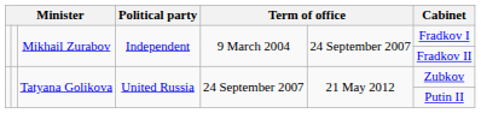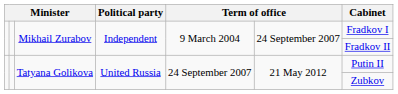 <table class="wikitable" style="text-align:center;">
 <tr>
 <th colspan=3>Minister</th>
 <th>Political party</th>
 <th colspan=2>Term of office</th>
 <th colspan=2>Cabinet</th>
 </tr>
 <tr>
 <td rowspan=2 style="background: "></td>
 <td rowspan=2></td>
 <td rowspan=2><a href='#'>Mikhail Zurabov</a></td>
 <td rowspan=2><a href='#'>Independent</a></td>
 <td rowspan=2>9 March 2004</td>
 <td rowspan=2>24 September 2007</td>
 <td><a href='#'>Fradkov I</a></td>
 </tr>
 <tr>
 <td><a href='#'>Fradkov II</a></td>
 </tr>
 <tr>
 <td rowspan=2 style="background: "></td>
 <td rowspan=2></td>
 <td rowspan=2><a href='#'>Tatyana Golikova</a></td>
 <td rowspan=2><a href='#'>United Russia</a></td>
 <td rowspan=2>24 September 2007</td>
 <td rowspan=2>21 May 2012</td>
+<td><a href='#'>Putin II</a></td>
+</tr>
+<tr>
 <td><a href='#'>Zubkov</a></td>
 </tr>
-<tr>
-<td><a href='#'>Putin II</a></td>
-</tr>
 </table>
